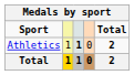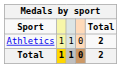 <table class="wikitable" style=font-size:85%;float:center;text-align:center>
 <tr style="background:#efefef;">
 <th colspan=5><strong>Medals by sport</strong></th>
 </tr>
 <tr align=center>
 <td><strong>Sport</strong></td>
 <td bgcolor=#f7f6a8></td>
 <td bgcolor=#dce5e5></td>
 <td bgcolor=#ffdab9></td>
 <td><strong>Total</strong></td>
 </tr>
 <tr align=center>
 <td><a href='#'>Athletics</a></td>
 <td style="background:#F7F6A8;">1</td>
-<td style="background:#DCE5E5;"><strong>1</strong></td>
+<td style="background:#DCE5E5;">1</td>
 <td style="background:#FFDAB9;">0</td>
 <td><strong>2</strong></td>
 </tr>
 <tr align=center>
 <th><strong>Total</strong></th>
 <th style="background:gold;"><strong>1</strong></th>
 <th style="background:silver;"><strong>1</strong></th>
 <th style="background:#c96;"><strong>0</strong></th>
 <th><strong>2</strong></th>
 </tr>
 </table>
